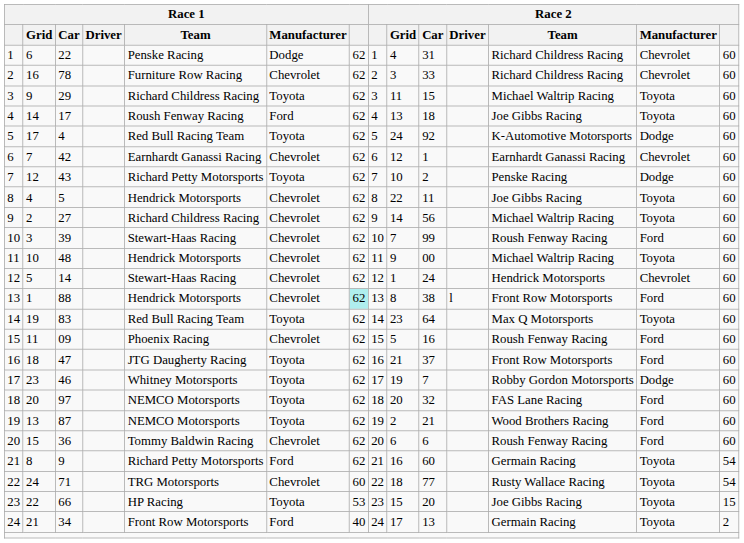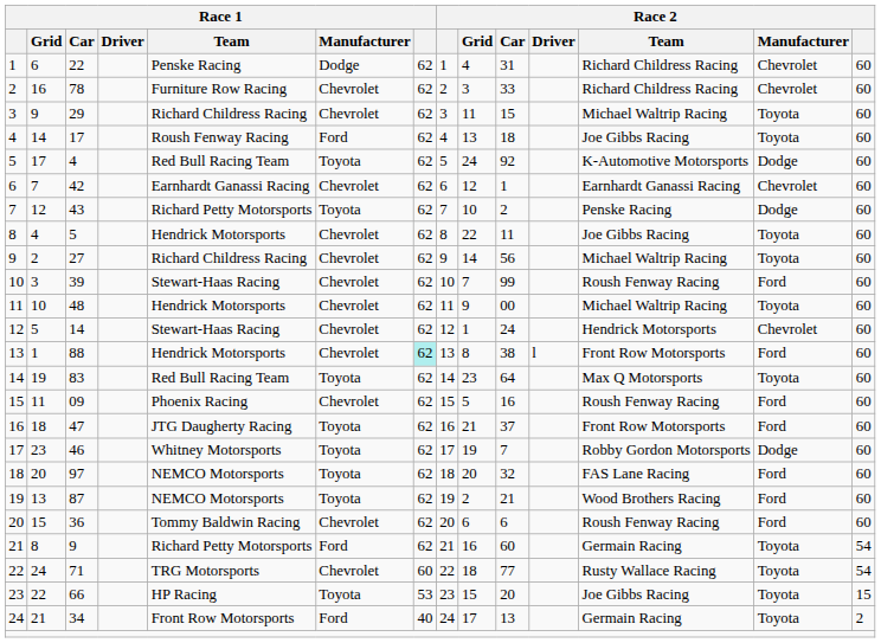 <table class="sortable wikitable" border="1">
 <tr>
 <th colspan=7>Race 1</th>
 <th colspan=7>Race 2</th>
 </tr>
 <tr>
 <th scope="col"></th>
 <th scope="col">Grid</th>
 <th scope="col">Car</th>
 <th scope="col">Driver</th>
 <th scope="col">Team</th>
 <th scope="col">Manufacturer</th>
 <th scope="col"></th>
 <th scope="col"></th>
 <th scope="col">Grid</th>
 <th scope="col">Car</th>
 <th scope="col">Driver</th>
 <th scope="col">Team</th>
 <th scope="col">Manufacturer</th>
 <th scope="col"></th>
 </tr>
 <tr>
 <td>1</td>
 <td>6</td>
 <td>22</td>
 <td></td>
 <td>Penske Racing</td>
 <td>Dodge</td>
 <td>62</td>
 <td>1</td>
 <td>4</td>
 <td>31</td>
 <td></td>
 <td>Richard Childress Racing</td>
 <td>Chevrolet</td>
 <td>60</td>
 </tr>
 <tr>
 <td>2</td>
 <td>16</td>
 <td>78</td>
 <td></td>
 <td>Furniture Row Racing</td>
 <td>Chevrolet</td>
 <td>62</td>
 <td>2</td>
 <td>3</td>
 <td>33</td>
 <td></td>
 <td>Richard Childress Racing</td>
 <td>Chevrolet</td>
 <td>60</td>
 </tr>
 <tr>
 <td>3</td>
 <td>9</td>
 <td>29</td>
 <td></td>
 <td>Richard Childress Racing</td>
-<td>Toyota</td>
+<td>Chevrolet</td>
 <td>62</td>
 <td>3</td>
 <td>11</td>
 <td>15</td>
 <td></td>
 <td>Michael Waltrip Racing</td>
 <td>Toyota</td>
 <td>60</td>
 </tr>
 <tr>
 <td>4</td>
 <td>14</td>
 <td>17</td>
 <td></td>
 <td>Roush Fenway Racing</td>
 <td>Ford</td>
 <td>62</td>
 <td>4</td>
 <td>13</td>
 <td>18</td>
 <td></td>
 <td>Joe Gibbs Racing</td>
 <td>Toyota</td>
 <td>60</td>
 </tr>
 <tr>
 <td>5</td>
 <td>17</td>
 <td>4</td>
 <td></td>
 <td>Red Bull Racing Team</td>
 <td>Toyota</td>
 <td>62</td>
 <td>5</td>
 <td>24</td>
 <td>92</td>
 <td></td>
 <td>K-Automotive Motorsports</td>
 <td>Dodge</td>
 <td>60</td>
 </tr>
 <tr>
 <td>6</td>
 <td>7</td>
 <td>42</td>
 <td></td>
 <td>Earnhardt Ganassi Racing</td>
 <td>Chevrolet</td>
 <td>62</td>
 <td>6</td>
 <td>12</td>
 <td>1</td>
 <td></td>
 <td>Earnhardt Ganassi Racing</td>
 <td>Chevrolet</td>
 <td>60</td>
 </tr>
 <tr>
 <td>7</td>
 <td>12</td>
 <td>43</td>
 <td></td>
 <td>Richard Petty Motorsports</td>
 <td>Toyota</td>
 <td>62</td>
 <td>7</td>
 <td>10</td>
 <td>2</td>
 <td></td>
 <td>Penske Racing</td>
 <td>Dodge</td>
 <td>60</td>
 </tr>
 <tr>
 <td>8</td>
 <td>4</td>
 <td>5</td>
 <td></td>
 <td>Hendrick Motorsports</td>
 <td>Chevrolet</td>
 <td>62</td>
 <td>8</td>
 <td>22</td>
 <td>11</td>
 <td></td>
 <td>Joe Gibbs Racing</td>
 <td>Toyota</td>
 <td>60</td>
 </tr>
 <tr>
 <td>9</td>
 <td>2</td>
 <td>27</td>
 <td></td>
 <td>Richard Childress Racing</td>
 <td>Chevrolet</td>
 <td>62</td>
 <td>9</td>
 <td>14</td>
 <td>56</td>
 <td></td>
 <td>Michael Waltrip Racing</td>
 <td>Toyota</td>
 <td>60</td>
 </tr>
 <tr>
 <td>10</td>
 <td>3</td>
 <td>39</td>
 <td></td>
 <td>Stewart-Haas Racing</td>
 <td>Chevrolet</td>
 <td>62</td>
 <td>10</td>
 <td>7</td>
 <td>99</td>
 <td></td>
 <td>Roush Fenway Racing</td>
 <td>Ford</td>
 <td>60</td>
 </tr>
 <tr>
 <td>11</td>
 <td>10</td>
 <td>48</td>
 <td></td>
 <td>Hendrick Motorsports</td>
 <td>Chevrolet</td>
 <td>62</td>
 <td>11</td>
 <td>9</td>
 <td>00</td>
 <td></td>
 <td>Michael Waltrip Racing</td>
 <td>Toyota</td>
 <td>60</td>
 </tr>
 <tr>
 <td>12</td>
 <td>5</td>
 <td>14</td>
 <td></td>
 <td>Stewart-Haas Racing</td>
 <td>Chevrolet</td>
 <td>62</td>
 <td>12</td>
 <td>1</td>
 <td>24</td>
 <td></td>
 <td>Hendrick Motorsports</td>
 <td>Chevrolet</td>
 <td>60</td>
 </tr>
 <tr>
 <td>13</td>
 <td>1</td>
 <td>88</td>
 <td></td>
 <td>Hendrick Motorsports</td>
 <td>Chevrolet</td>
 <td style="background: paleturquoise;">62</td>
 <td>13</td>
 <td>8</td>
 <td>38</td>
 <td>l</td>
 <td>Front Row Motorsports</td>
 <td>Ford</td>
 <td>60</td>
 </tr>
 <tr>
 <td>14</td>
 <td>19</td>
 <td>83</td>
 <td></td>
 <td>Red Bull Racing Team</td>
 <td>Toyota</td>
 <td>62</td>
 <td>14</td>
 <td>23</td>
 <td>64</td>
 <td></td>
 <td>Max Q Motorsports</td>
 <td>Toyota</td>
 <td>60</td>
 </tr>
 <tr>
 <td>15</td>
 <td>11</td>
 <td>09</td>
 <td></td>
 <td>Phoenix Racing</td>
 <td>Chevrolet</td>
 <td>62</td>
 <td>15</td>
 <td>5</td>
 <td>16</td>
 <td></td>
 <td>Roush Fenway Racing</td>
 <td>Ford</td>
 <td>60</td>
 </tr>
 <tr>
 <td>16</td>
 <td>18</td>
 <td>47</td>
 <td></td>
 <td>JTG Daugherty Racing</td>
 <td>Toyota</td>
 <td>62</td>
 <td>16</td>
 <td>21</td>
 <td>37</td>
 <td></td>
 <td>Front Row Motorsports</td>
 <td>Ford</td>
 <td>60</td>
 </tr>
 <tr>
 <td>17</td>
 <td>23</td>
 <td>46</td>
 <td></td>
 <td>Whitney Motorsports</td>
 <td>Toyota</td>
 <td>62</td>
 <td>17</td>
 <td>19</td>
 <td>7</td>
 <td></td>
 <td>Robby Gordon Motorsports</td>
 <td>Dodge</td>
 <td>60</td>
 </tr>
 <tr>
 <td>18</td>
 <td>20</td>
 <td>97</td>
 <td></td>
 <td>NEMCO Motorsports</td>
 <td>Toyota</td>
 <td>62</td>
 <td>18</td>
 <td>20</td>
 <td>32</td>
 <td></td>
 <td>FAS Lane Racing</td>
 <td>Ford</td>
 <td>60</td>
 </tr>
 <tr>
 <td>19</td>
 <td>13</td>
 <td>87</td>
 <td></td>
 <td>NEMCO Motorsports</td>
 <td>Toyota</td>
 <td>62</td>
 <td>19</td>
 <td>2</td>
 <td>21</td>
 <td></td>
 <td>Wood Brothers Racing</td>
 <td>Ford</td>
 <td>60</td>
 </tr>
 <tr>
 <td>20</td>
 <td>15</td>
 <td>36</td>
 <td></td>
 <td>Tommy Baldwin Racing</td>
 <td>Chevrolet</td>
 <td>62</td>
 <td>20</td>
 <td>6</td>
 <td>6</td>
 <td></td>
 <td>Roush Fenway Racing</td>
 <td>Ford</td>
 <td>60</td>
 </tr>
 <tr>
 <td>21</td>
 <td>8</td>
 <td>9</td>
 <td></td>
 <td>Richard Petty Motorsports</td>
 <td>Ford</td>
 <td>62</td>
 <td>21</td>
 <td>16</td>
 <td>60</td>
 <td></td>
 <td>Germain Racing</td>
 <td>Toyota</td>
 <td>54</td>
 </tr>
 <tr>
 <td>22</td>
 <td>24</td>
 <td>71</td>
 <td></td>
 <td>TRG Motorsports</td>
 <td>Chevrolet</td>
 <td>60</td>
 <td>22</td>
 <td>18</td>
 <td>77</td>
 <td></td>
 <td>Rusty Wallace Racing</td>
 <td>Toyota</td>
 <td>54</td>
 </tr>
 <tr>
 <td>23</td>
 <td>22</td>
 <td>66</td>
 <td></td>
 <td>HP Racing</td>
 <td>Toyota</td>
 <td>53</td>
 <td>23</td>
 <td>15</td>
 <td>20</td>
 <td></td>
 <td>Joe Gibbs Racing</td>
 <td>Toyota</td>
 <td>15</td>
 </tr>
 <tr>
 <td>24</td>
 <td>21</td>
 <td>34</td>
 <td></td>
 <td>Front Row Motorsports</td>
 <td>Ford</td>
 <td>40</td>
 <td>24</td>
 <td>17</td>
 <td>13</td>
 <td></td>
 <td>Germain Racing</td>
 <td>Toyota</td>
 <td>2</td>
 </tr>
 <tr class="sortbottom">
 <td colspan="14"></td>
 </tr>
 </table>
